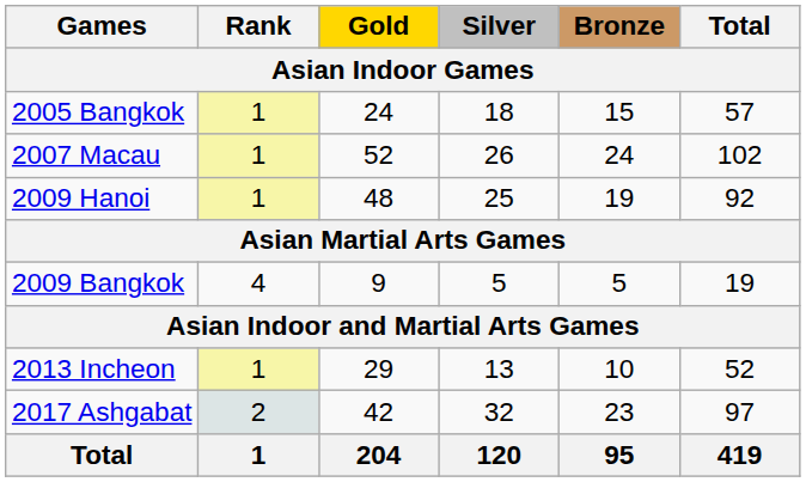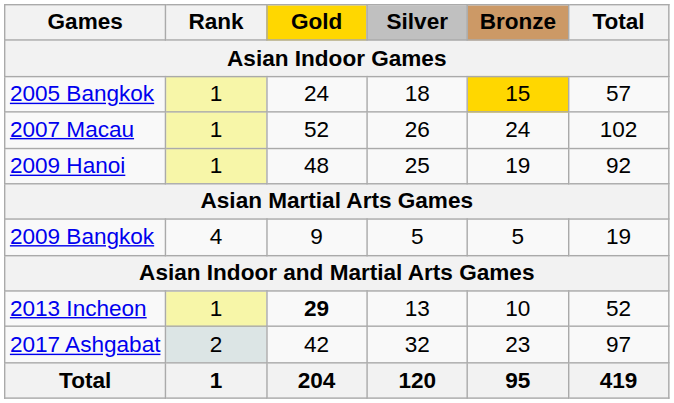 <table class="wikitable sortable" style="margin-top:0em; text-align:center; font-size:100%;">
 <tr>
 <th>Games</th>
 <th style="width:4em;">Rank</th>
 <th style="background:gold; width:4em;"><strong>Gold</strong></th>
 <th style="background:silver; width:4em;"><strong>Silver</strong></th>
 <th style="background:#cc9966; width:4em;"><strong>Bronze</strong></th>
 <th style="width:4em;">Total</th>
 </tr>
 <tr>
 <th colspan=6><strong>Asian Indoor Games</strong></th>
 </tr>
 <tr>
 <td align=left><a href='#'>2005 Bangkok</a></td>
 <td bgcolor=f7f6a8>1</td>
 <td>24</td>
 <td>18</td>
-<td>15</td>
+<td style="background: gold;">15</td>
 <td>57</td>
 </tr>
 <tr>
 <td align=left><a href='#'>2007 Macau</a></td>
 <td bgcolor=f7f6a8>1</td>
 <td>52</td>
 <td>26</td>
 <td>24</td>
 <td>102</td>
 </tr>
 <tr>
 <td align=left><a href='#'>2009 Hanoi</a></td>
 <td bgcolor=f7f6a8>1</td>
 <td>48</td>
 <td>25</td>
 <td>19</td>
 <td>92</td>
 </tr>
 <tr>
 <th colspan=6><strong>Asian Martial Arts Games</strong></th>
 </tr>
 <tr>
 <td align=left><a href='#'>2009 Bangkok</a></td>
 <td>4</td>
 <td>9</td>
 <td>5</td>
 <td>5</td>
 <td>19</td>
 </tr>
 <tr>
 <th colspan=6><strong>Asian Indoor and Martial Arts Games</strong></th>
 </tr>
 <tr>
 <td align=left><a href='#'>2013 Incheon</a></td>
 <td bgcolor=f7f6a8>1</td>
-<td>29</td>
+<td><strong>29</strong></td>
 <td>13</td>
 <td>10</td>
 <td>52</td>
 </tr>
 <tr>
 <td align=left><a href='#'>2017 Ashgabat</a></td>
 <td bgcolor=dce5e5>2</td>
 <td>42</td>
 <td>32</td>
 <td>23</td>
 <td>97</td>
 </tr>
 <tr>
 <th>Total</th>
 <th>1</th>
 <th>204</th>
 <th>120</th>
 <th>95</th>
 <th>419</th>
 </tr>
 </table>
